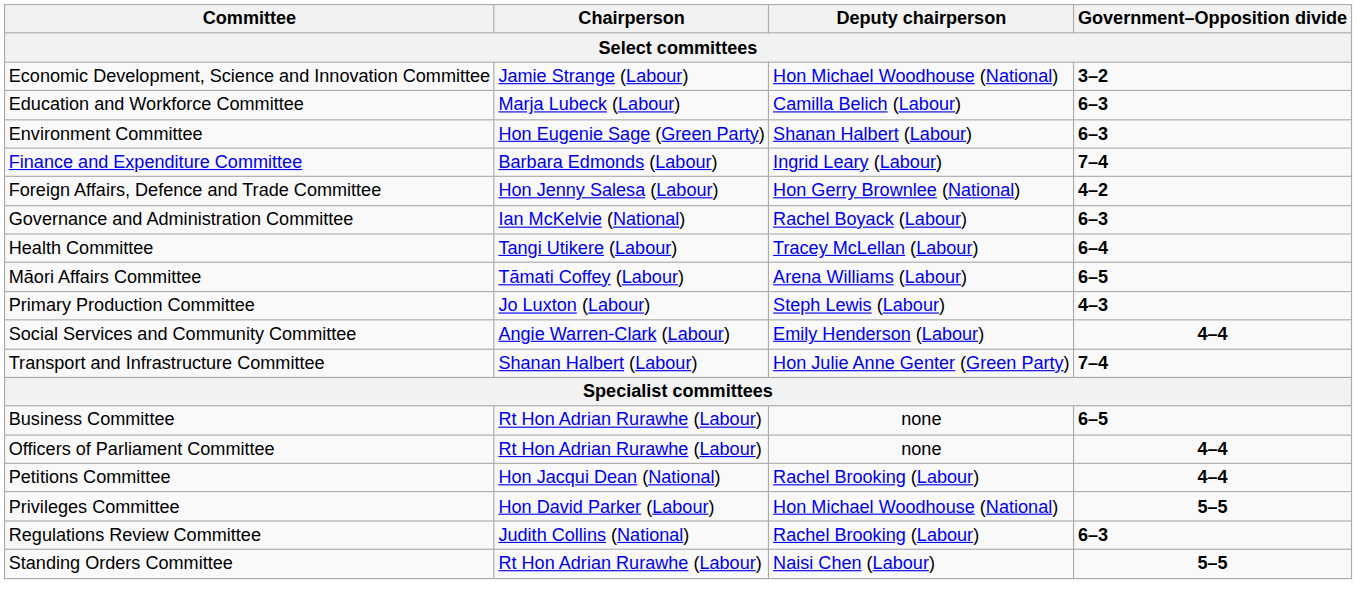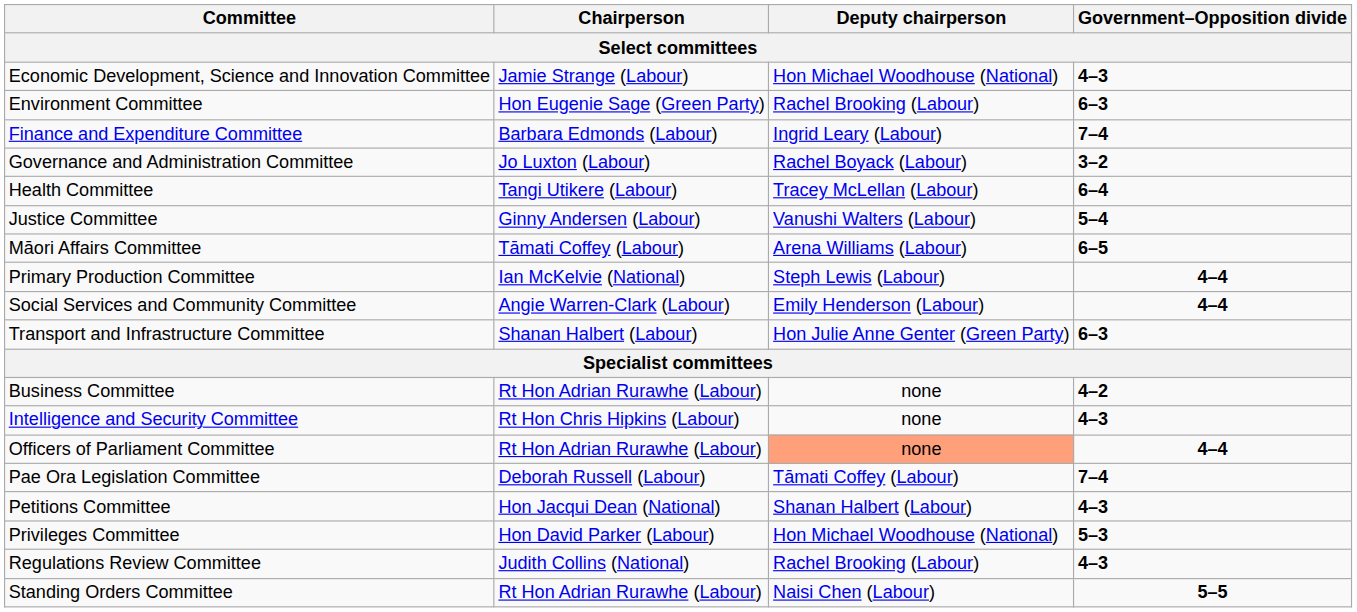 <table class="wikitable">
 <tr>
 <th>Committee</th>
 <th>Chairperson</th>
 <th>Deputy chairperson</th>
 <th>Government–Opposition divide</th>
 </tr>
 <tr>
 <th colspan="4">Select committees</th>
 </tr>
 <tr>
 <td>Economic Development, Science and Innovation Committee</td>
 <td style="background:"><a href='#'>Jamie Strange</a> (<a href='#'>Labour</a>)</td>
 <td style="background:"><a href='#'>Hon Michael Woodhouse</a> (<a href='#'>National</a>)</td>
-<td style="background:"><strong>3–2</strong></td>
-</tr>
-<tr>
-<td>Education and Workforce Committee</td>
-<td style="background:"><a href='#'>Marja Lubeck</a> (<a href='#'>Labour</a>)</td>
-<td style="background:"><a href='#'>Camilla Belich</a> (<a href='#'>Labour</a>)</td>
-<td style="background:"><strong>6–3</strong></td>
+<td style="background:"><strong>4–3</strong></td>
 </tr>
 <tr>
 <td>Environment Committee</td>
 <td style="background:"><a href='#'>Hon Eugenie Sage</a> (<a href='#'>Green Party</a>)</td>
-<td style="background:"><a href='#'>Shanan Halbert</a> (<a href='#'>Labour</a>)</td>
+<td style="background:"><a href='#'>Rachel Brooking</a> (<a href='#'>Labour</a>)</td>
 <td style="background:"><strong>6–3</strong></td>
 </tr>
 <tr>
 <td><a href='#'>Finance and Expenditure Committee</a></td>
 <td style="background:"><a href='#'>Barbara Edmonds</a> (<a href='#'>Labour</a>)</td>
 <td style="background:"><a href='#'>Ingrid Leary</a> (<a href='#'>Labour</a>)</td>
 <td style="background:"><strong>7–4</strong></td>
 </tr>
 <tr>
-<td>Foreign Affairs, Defence and Trade Committee</td>
-<td style="background:"><a href='#'>Hon Jenny Salesa</a> (<a href='#'>Labour</a>)</td>
-<td style="background:"><a href='#'>Hon Gerry Brownlee</a> (<a href='#'>National</a>)</td>
-<td style="background:"><strong>4–2</strong></td>
-</tr>
-<tr>
 <td>Governance and Administration Committee</td>
-<td style="background:"><a href='#'>Ian McKelvie</a> (<a href='#'>National</a>)</td>
+<td style="background:"><a href='#'>Jo Luxton</a> (<a href='#'>Labour</a>)</td>
 <td style="background:"><a href='#'>Rachel Boyack</a> (<a href='#'>Labour</a>)</td>
-<td style="background:"><strong>6–3</strong></td>
+<td style="background:"><strong>3–2</strong></td>
 </tr>
 <tr>
 <td>Health Committee</td>
 <td style="background:"><a href='#'>Tangi Utikere</a> (<a href='#'>Labour</a>)</td>
 <td style="background:"><a href='#'>Tracey McLellan</a> (<a href='#'>Labour</a>)</td>
 <td style="background:"><strong>6–4</strong></td>
+</tr>
+<tr>
+<td>Justice Committee</td>
+<td style="background:"><a href='#'>Ginny Andersen</a> (<a href='#'>Labour</a>)</td>
+<td style="background:"><a href='#'>Vanushi Walters</a> (<a href='#'>Labour</a>)</td>
+<td style="background:"><strong>5–4</strong></td>
 </tr>
 <tr>
 <td>Māori Affairs Committee</td>
 <td style="background:"><a href='#'>Tāmati Coffey</a> (<a href='#'>Labour</a>)</td>
 <td style="background:"><a href='#'>Arena Williams</a> (<a href='#'>Labour</a>)</td>
 <td style="background:"><strong>6–5</strong></td>
 </tr>
 <tr>
 <td>Primary Production Committee</td>
-<td style="background:"><a href='#'>Jo Luxton</a> (<a href='#'>Labour</a>)</td>
+<td style="background:"><a href='#'>Ian McKelvie</a> (<a href='#'>National</a>)</td>
 <td style="background:"><a href='#'>Steph Lewis</a> (<a href='#'>Labour</a>)</td>
-<td style="background:"><strong>4–3</strong></td>
+<td style="text-align:center;"><strong>4–4</strong></td>
 </tr>
 <tr>
 <td>Social Services and Community Committee</td>
 <td style="background:"><a href='#'>Angie Warren-Clark</a> (<a href='#'>Labour</a>)</td>
 <td style="background:"><a href='#'>Emily Henderson</a> (<a href='#'>Labour</a>)</td>
 <td style="text-align:center;"><strong>4–4</strong></td>
 </tr>
 <tr>
 <td>Transport and Infrastructure Committee</td>
 <td style="background:"><a href='#'>Shanan Halbert</a> (<a href='#'>Labour</a>)</td>
 <td style="background:"><a href='#'>Hon Julie Anne Genter</a> (<a href='#'>Green Party</a>)</td>
-<td style="background:"><strong>7–4</strong></td>
+<td style="background:"><strong>6–3</strong></td>
 </tr>
 <tr>
 <th colspan="4">Specialist committees</th>
 </tr>
 <tr>
 <td>Business Committee</td>
 <td style="background:"><a href='#'>Rt Hon Adrian Rurawhe</a> (<a href='#'>Labour</a>)</td>
 <td style="text-align:center;">none</td>
-<td style="background:"><strong>6–5</strong></td>
+<td style="background:"><strong>4–2</strong></td>
+</tr>
+<tr>
+<td><a href='#'>Intelligence and Security Committee</a></td>
+<td style="background:"><a href='#'>Rt Hon Chris Hipkins</a> (<a href='#'>Labour</a>)</td>
+<td style="text-align:center;">none</td>
+<td style="background:"><strong>4–3</strong></td>
 </tr>
 <tr>
 <td>Officers of Parliament Committee</td>
 <td style="background:"><a href='#'>Rt Hon Adrian Rurawhe</a> (<a href='#'>Labour</a>)</td>
-<td style="text-align:center;">none</td>
+<td style="background: lightsalmon; text-align:center;">none</td>
 <td style="text-align:center;"><strong>4–4</strong></td>
+</tr>
+<tr>
+<td>Pae Ora Legislation Committee</td>
+<td style="background:"><a href='#'>Deborah Russell</a> (<a href='#'>Labour</a>)</td>
+<td style="background:"><a href='#'>Tāmati Coffey</a> (<a href='#'>Labour</a>)</td>
+<td style="background:"><strong>7–4</strong></td>
 </tr>
 <tr>
 <td>Petitions Committee</td>
 <td style="background:"><a href='#'>Hon Jacqui Dean</a> (<a href='#'>National</a>)</td>
-<td style="background:"><a href='#'>Rachel Brooking</a> (<a href='#'>Labour</a>)</td>
-<td style="text-align:center;"><strong>4–4</strong></td>
+<td style="background:"><a href='#'>Shanan Halbert</a> (<a href='#'>Labour</a>)</td>
+<td style="background:"><strong>4–3</strong></td>
 </tr>
 <tr>
 <td>Privileges Committee</td>
 <td style="background:"><a href='#'>Hon David Parker</a> (<a href='#'>Labour</a>)</td>
 <td style="background:"><a href='#'>Hon Michael Woodhouse</a> (<a href='#'>National</a>)</td>
-<td style="text-align:center;"><strong>5–5</strong></td>
+<td style="background:"><strong>5–3</strong></td>
 </tr>
 <tr>
 <td>Regulations Review Committee</td>
 <td style="background:"><a href='#'>Judith Collins</a> (<a href='#'>National</a>)</td>
 <td style="background:"><a href='#'>Rachel Brooking</a> (<a href='#'>Labour</a>)</td>
-<td style="background:"><strong>6–3</strong></td>
+<td style="background:"><strong>4–3</strong></td>
 </tr>
 <tr>
 <td>Standing Orders Committee</td>
 <td style="background:"><a href='#'>Rt Hon Adrian Rurawhe</a> (<a href='#'>Labour</a>)</td>
 <td style="background:"><a href='#'>Naisi Chen</a> (<a href='#'>Labour</a>)</td>
 <td style="text-align:center;"><strong>5–5</strong></td>
 </tr>
 </table>
